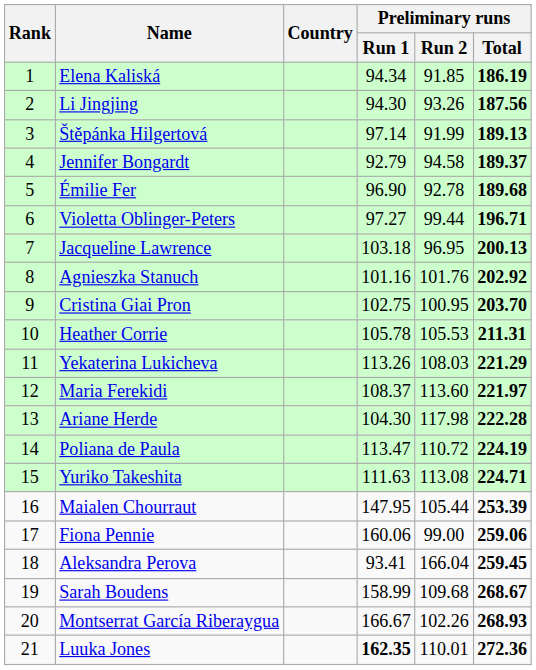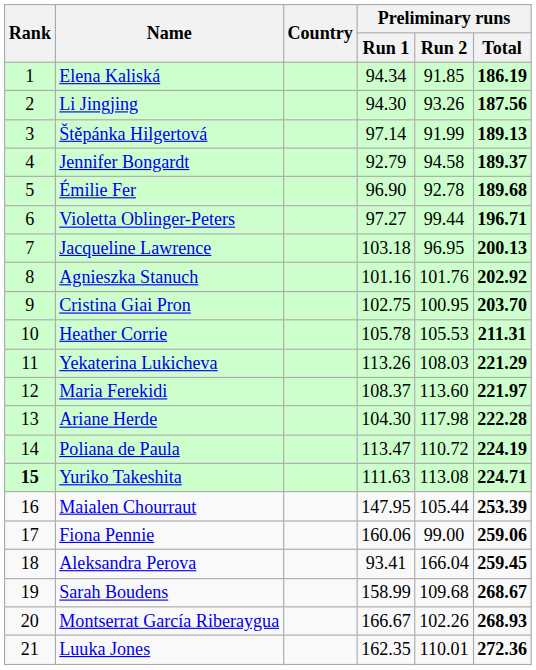 <table class="wikitable sortable" style="text-align:center">
 <tr>
 <th rowspan=2>Rank</th>
 <th rowspan=2>Name</th>
 <th rowspan=2>Country</th>
 <th colspan=3>Preliminary runs</th>
 </tr>
 <tr>
 <th>Run 1</th>
 <th>Run 2</th>
 <th>Total</th>
 </tr>
 <tr align=center style="background:#ccffcc;">
 <td>1</td>
 <td align=left><a href='#'>Elena Kaliská</a></td>
 <td></td>
 <td>94.34</td>
 <td>91.85</td>
 <td><strong>186.19</strong></td>
 </tr>
 <tr align=center style="background:#ccffcc;">
 <td>2</td>
 <td align=left><a href='#'>Li Jingjing</a></td>
 <td></td>
 <td>94.30</td>
 <td>93.26</td>
 <td><strong>187.56</strong></td>
 </tr>
 <tr align=center style="background:#ccffcc;">
 <td>3</td>
 <td align=left><a href='#'>Štěpánka Hilgertová</a></td>
 <td></td>
 <td>97.14</td>
 <td>91.99</td>
 <td><strong>189.13</strong></td>
 </tr>
 <tr align=center style="background:#ccffcc;">
 <td>4</td>
 <td align=left><a href='#'>Jennifer Bongardt</a></td>
 <td></td>
 <td>92.79</td>
 <td>94.58</td>
 <td><strong> 189.37</strong></td>
 </tr>
 <tr align=center style="background:#ccffcc;">
 <td>5</td>
 <td align=left><a href='#'>Émilie Fer</a></td>
 <td></td>
 <td>96.90</td>
 <td>92.78</td>
 <td><strong>189.68</strong></td>
 </tr>
 <tr align=center style="background:#ccffcc;">
 <td>6</td>
 <td align=left><a href='#'>Violetta Oblinger-Peters</a></td>
 <td></td>
 <td>97.27</td>
 <td>99.44</td>
 <td><strong>196.71</strong></td>
 </tr>
 <tr align=center style="background:#ccffcc;">
 <td>7</td>
 <td align=left><a href='#'>Jacqueline Lawrence</a></td>
 <td></td>
 <td>103.18</td>
 <td>96.95</td>
 <td><strong> 200.13</strong></td>
 </tr>
 <tr align=center style="background:#ccffcc;">
 <td>8</td>
 <td align=left><a href='#'>Agnieszka Stanuch</a></td>
 <td></td>
 <td>101.16</td>
 <td>101.76</td>
 <td><strong>202.92</strong></td>
 </tr>
 <tr align=center style="background:#ccffcc;">
 <td>9</td>
 <td align=left><a href='#'>Cristina Giai Pron</a></td>
 <td></td>
 <td>102.75</td>
 <td>100.95</td>
 <td><strong>203.70</strong></td>
 </tr>
 <tr align=center style="background:#ccffcc;">
 <td>10</td>
 <td align=left><a href='#'>Heather Corrie</a></td>
 <td></td>
 <td>105.78</td>
 <td>105.53</td>
 <td><strong>211.31</strong></td>
 </tr>
 <tr align=center style="background:#ccffcc;">
 <td>11</td>
 <td align=left><a href='#'>Yekaterina Lukicheva</a></td>
 <td></td>
 <td>113.26</td>
 <td>108.03</td>
 <td><strong>221.29 </strong></td>
 </tr>
 <tr align=center style="background:#ccffcc;">
 <td>12</td>
 <td align=left><a href='#'>Maria Ferekidi</a></td>
 <td></td>
 <td>108.37</td>
 <td>113.60</td>
 <td><strong>221.97</strong></td>
 </tr>
 <tr align=center style="background:#ccffcc;">
 <td>13</td>
 <td align=left><a href='#'>Ariane Herde</a></td>
 <td></td>
 <td>104.30</td>
 <td>117.98</td>
 <td><strong>222.28</strong></td>
 </tr>
 <tr align=center style="background:#ccffcc;">
 <td>14</td>
 <td align=left><a href='#'>Poliana de Paula</a></td>
 <td></td>
 <td>113.47</td>
 <td>110.72</td>
 <td><strong>224.19</strong></td>
 </tr>
 <tr align=center style="background:#ccffcc;">
-<td>15</td>
+<td><strong>15</strong></td>
 <td align=left><a href='#'>Yuriko Takeshita</a></td>
 <td></td>
 <td>111.63</td>
 <td>113.08</td>
 <td><strong>224.71 </strong></td>
 </tr>
 <tr>
 <td>16</td>
 <td align=left><a href='#'>Maialen Chourraut</a></td>
 <td></td>
 <td>147.95</td>
 <td>105.44</td>
 <td><strong>253.39</strong></td>
 </tr>
 <tr>
 <td>17</td>
 <td align=left><a href='#'>Fiona Pennie</a></td>
 <td></td>
 <td>160.06</td>
 <td>99.00</td>
 <td><strong>259.06</strong></td>
 </tr>
 <tr>
 <td>18</td>
 <td align=left><a href='#'>Aleksandra Perova</a></td>
 <td></td>
 <td>93.41</td>
 <td>166.04</td>
 <td><strong>259.45</strong></td>
 </tr>
 <tr>
 <td>19</td>
 <td align=left><a href='#'>Sarah Boudens</a></td>
 <td></td>
 <td>158.99</td>
 <td>109.68</td>
 <td><strong>268.67</strong></td>
 </tr>
 <tr>
 <td>20</td>
 <td align=left><a href='#'>Montserrat García Riberaygua</a></td>
 <td></td>
 <td>166.67</td>
 <td>102.26</td>
 <td><strong>268.93</strong></td>
 </tr>
 <tr>
 <td>21</td>
 <td align=left><a href='#'>Luuka Jones</a></td>
 <td></td>
-<td><strong>162.35</strong></td>
+<td>162.35</td>
 <td>110.01</td>
 <td><strong>272.36</strong></td>
 </tr>
 </table>
